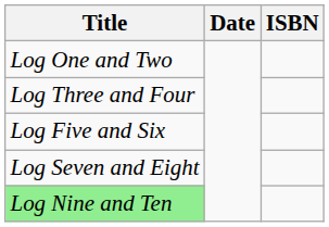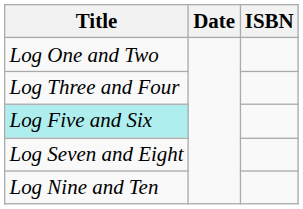 <table class="wikitable">
 <tr>
 <th>Title</th>
 <th>Date</th>
 <th>ISBN</th>
 </tr>
 <tr>
 <td><em>Log One and Two</em></td>
 <td rowspan="5"></td>
 <td></td>
 </tr>
 <tr>
 <td><em>Log Three and Four</em></td>
 <td></td>
 </tr>
 <tr>
-<td><em>Log Five and Six</em></td>
+<td style="background: paleturquoise;"><em>Log Five and Six</em></td>
 <td></td>
 </tr>
 <tr>
 <td><em>Log Seven and Eight</em></td>
 <td></td>
 </tr>
 <tr>
-<td style="background: lightgreen;"><em>Log Nine and Ten</em></td>
+<td><em>Log Nine and Ten</em></td>
 <td></td>
 </tr>
 </table>
